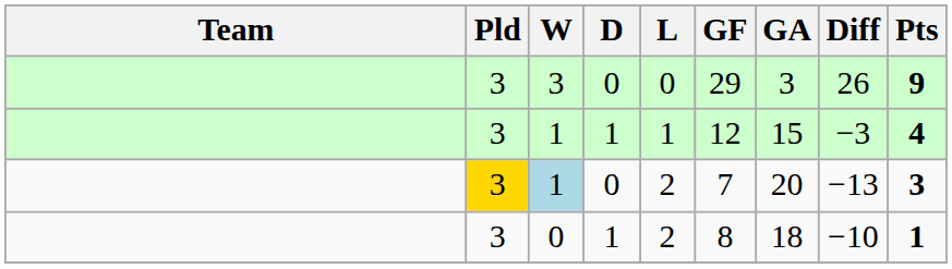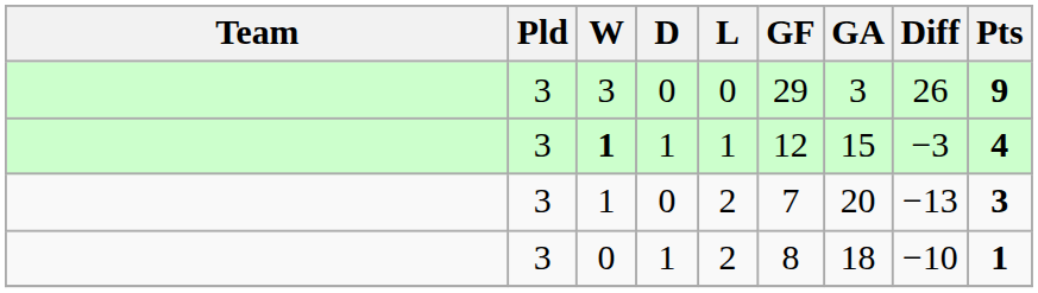 <table class="wikitable" style="text-align: center;">
 <tr>
 <th width=220>Team</th>
 <th width=20>Pld</th>
 <th width=20>W</th>
 <th width=20>D</th>
 <th width=20>L</th>
 <th width=20>GF</th>
 <th width=20>GA</th>
 <th width=20>Diff</th>
 <th width=20>Pts</th>
 </tr>
 <tr bgcolor=ccffcc>
 <td align="left"></td>
 <td>3</td>
 <td>3</td>
 <td>0</td>
 <td>0</td>
 <td>29</td>
 <td>3</td>
 <td>26</td>
 <td><strong>9</strong></td>
 </tr>
 <tr bgcolor=ccffcc>
 <td align="left"></td>
 <td>3</td>
-<td>1</td>
+<td><strong>1</strong></td>
 <td>1</td>
 <td>1</td>
 <td>12</td>
 <td>15</td>
 <td>−3</td>
 <td><strong>4</strong></td>
 </tr>
 <tr>
 <td align="left"></td>
-<td style="background: gold;">3</td>
-<td style="background: lightblue;">1</td>
+<td>3</td>
+<td>1</td>
 <td>0</td>
 <td>2</td>
 <td>7</td>
 <td>20</td>
 <td>−13</td>
 <td><strong>3</strong></td>
 </tr>
 <tr>
 <td align="left"></td>
 <td>3</td>
 <td>0</td>
 <td>1</td>
 <td>2</td>
 <td>8</td>
 <td>18</td>
 <td>−10</td>
 <td><strong>1</strong></td>
 </tr>
 <tr>
 </tr>
 </table>
